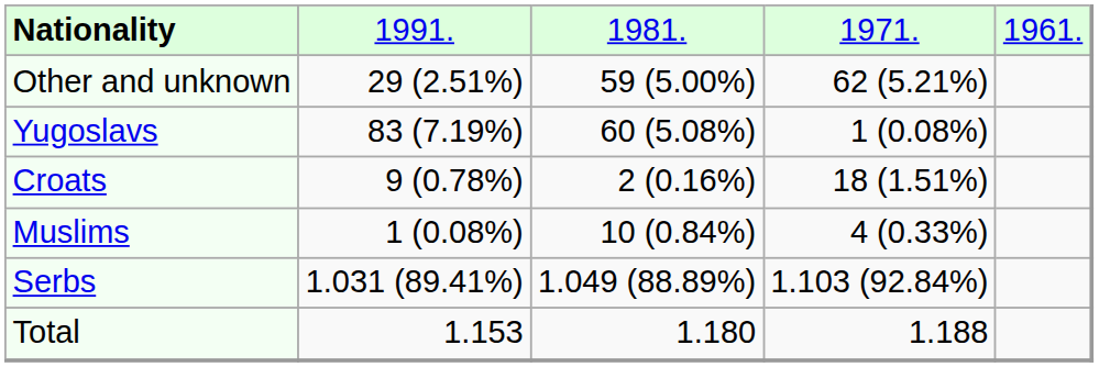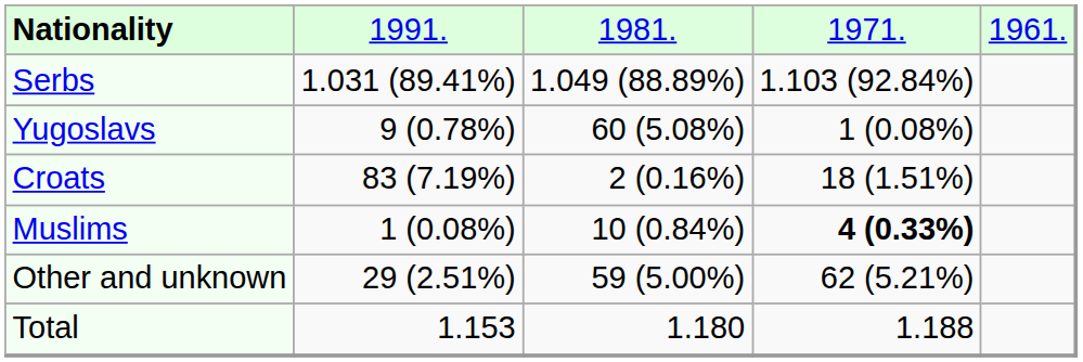 <table class="wikitable" style="align:left; margin:0.5em 0 0; border:1px solid #999; border-right-width:2px; border-bottom-width:2px; font-size:100%;">
 <tr style="background:#dfd;">
 <td style="background:#ddffdd;"><strong>Nationality</strong></td>
 <td style="text-align:center;"><a href='#'>1991.</a></td>
 <td style="text-align:center;"><a href='#'>1981.</a></td>
 <td style="text-align:center;"><a href='#'>1971.</a></td>
 <td style="text-align:center;"><a href='#'>1961.</a></td>
 </tr>
 <tr>
-<td style="background:#f3fff3;">Other and unknown</td>
-<td align="right">29 (2.51%)</td>
-<td align="right">59 (5.00%)</td>
-<td align="right">62 (5.21%)</td>
+<td style="background:#f3fff3;"><a href='#'>Serbs</a></td>
+<td align="right">1.031 (89.41%)</td>
+<td align="right">1.049 (88.89%)</td>
+<td align="right">1.103 (92.84%)</td>
 <td></td>
 </tr>
 <tr>
 <td style="background:#f3fff3;"><a href='#'>Yugoslavs</a></td>
-<td align="right">83 (7.19%)</td>
+<td align="right">9 (0.78%)</td>
 <td align="right">60 (5.08%)</td>
 <td align="right">1 (0.08%)</td>
 <td></td>
 </tr>
 <tr>
 <td style="background:#f3fff3;"><a href='#'>Croats</a></td>
-<td align="right">9 (0.78%)</td>
+<td align="right">83 (7.19%)</td>
 <td align="right">2 (0.16%)</td>
 <td align="right">18 (1.51%)</td>
 <td></td>
 </tr>
 <tr>
 <td style="background:#f3fff3;"><a href='#'>Muslims</a></td>
 <td align="right">1 (0.08%)</td>
 <td align="right">10 (0.84%)</td>
-<td align="right">4 (0.33%)</td>
+<td align="right"><strong>4 (0.33%)</strong></td>
 <td></td>
 </tr>
 <tr>
-<td style="background:#f3fff3;"><a href='#'>Serbs</a></td>
-<td align="right">1.031 (89.41%)</td>
-<td align="right">1.049 (88.89%)</td>
-<td align="right">1.103 (92.84%)</td>
+<td style="background:#f3fff3;">Other and unknown</td>
+<td align="right">29 (2.51%)</td>
+<td align="right">59 (5.00%)</td>
+<td align="right">62 (5.21%)</td>
 <td></td>
 </tr>
 <tr>
 <td style="background:#f3fff3;">Total</td>
 <td style="text-align:right;">1.153</td>
 <td style="text-align:right;">1.180</td>
 <td style="text-align:right;">1.188</td>
 <td></td>
 </tr>
 </table>
